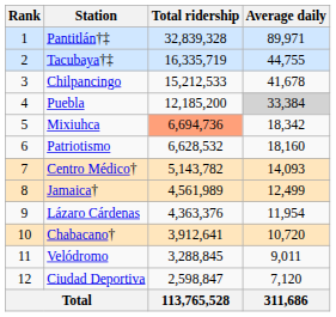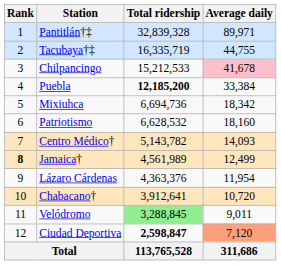 <table class=wikitable style="text-align:center">
 <tr>
 <th>Rank</th>
 <th>Station</th>
 <th>Total ridership</th>
 <th>Average daily</th>
 </tr>
 <tr style="background-color:#D0E7FF">
 <td>1</td>
 <td align=left><a href='#'>Pantitlán</a>†‡</td>
 <td>32,839,328</td>
 <td>89,971</td>
 </tr>
 <tr style="background-color:#D0E7FF">
 <td>2</td>
 <td align=left><a href='#'>Tacubaya</a>†‡</td>
 <td>16,335,719</td>
 <td>44,755</td>
 </tr>
 <tr>
 <td>3</td>
 <td align=left><a href='#'>Chilpancingo</a></td>
 <td>15,212,533</td>
-<td>41,678</td>
+<td style="background: pink;">41,678</td>
 </tr>
 <tr>
 <td>4</td>
 <td align=left><a href='#'>Puebla</a></td>
-<td>12,185,200</td>
-<td style="background: lightgrey;">33,384</td>
+<td><strong>12,185,200</strong></td>
+<td>33,384</td>
 </tr>
 <tr>
 <td>5</td>
 <td align=left><a href='#'>Mixiuhca</a></td>
-<td style="background: lightsalmon;">6,694,736</td>
+<td>6,694,736</td>
 <td>18,342</td>
 </tr>
 <tr>
 <td>6</td>
 <td align=left><a href='#'>Patriotismo</a></td>
 <td>6,628,532</td>
 <td>18,160</td>
 </tr>
 <tr style="background-color:#FFE6BD">
 <td>7</td>
 <td align=left><a href='#'>Centro Médico</a>†</td>
 <td>5,143,782</td>
 <td>14,093</td>
 </tr>
 <tr style="background-color:#FFE6BD">
-<td>8</td>
+<td><strong>8</strong></td>
 <td align=left><a href='#'>Jamaica</a>†</td>
 <td>4,561,989</td>
 <td>12,499</td>
 </tr>
 <tr>
 <td>9</td>
 <td align=left><a href='#'>Lázaro Cárdenas</a></td>
 <td>4,363,376</td>
 <td>11,954</td>
 </tr>
 <tr style="background-color:#FFE6BD">
 <td>10</td>
 <td align=left><a href='#'>Chabacano</a>†</td>
 <td>3,912,641</td>
 <td>10,720</td>
 </tr>
 <tr>
 <td>11</td>
 <td align=left><a href='#'>Velódromo</a></td>
-<td>3,288,845</td>
+<td style="background: lightgreen;">3,288,845</td>
 <td>9,011</td>
 </tr>
 <tr>
 <td>12</td>
 <td align=left><a href='#'>Ciudad Deportiva</a></td>
-<td>2,598,847</td>
-<td>7,120</td>
+<td><strong>2,598,847</strong></td>
+<td style="background: lightsalmon;">7,120</td>
 </tr>
 <tr>
 <th colspan=2>Total</th>
 <th>113,765,528</th>
 <th>311,686</th>
 </tr>
 </table>
